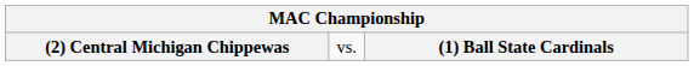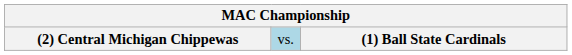 <table class="wikitable">
 <tr>
 <th style="width: 604px;" colspan=3>MAC Championship</th>
 </tr>
 <tr>
 <th style="width: 289px; ">(2) Central Michigan Chippewas</th>
-<td style="width: 25px; text-align:center">vs.</td>
+<td style="background: lightblue; width: 25px; text-align:center">vs.</td>
 <th style="width: 289px; ">(1) Ball State Cardinals</th>
 </tr>
 </table>
